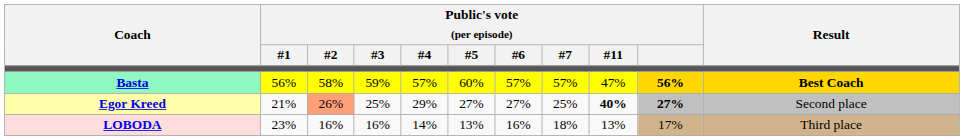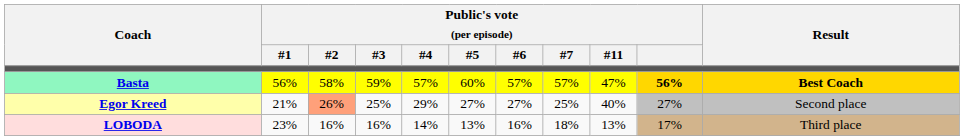 <table class="wikitable sortable" style="text-align:center; width:90%;">
 <tr>
 <th rowspan=2 style="width:10%;">Coach</th>
 <th colspan=9 style="width:10%;">Public's vote<br><sub>(per episode)</sub></th>
 <th rowspan=2 style="width:10%;">Result</th>
 </tr>
 <tr>
 <th style="width:1%;">#1</th>
 <th style="width:1%;">#2</th>
 <th style="width:1%;">#3</th>
 <th style="width:1%;">#4</th>
 <th style="width:1%;">#5</th>
 <th style="width:1%;">#6</th>
 <th style="width:1%;">#7</th>
 <th style="width:1%;">#11</th>
 <th style="width:2%;"></th>
 </tr>
 <tr>
 <td colspan="16" style="background:#555;"></td>
 </tr>
 <tr>
 <th style="background:#8ff7c0;"><a href='#'>Basta</a></th>
 <td style="background:yellow;">56%</td>
 <td style="background:yellow;">58%</td>
 <td style="background:yellow;">59%</td>
 <td style="background:yellow;">57%</td>
 <td style="background:yellow;">60%</td>
 <td style="background:yellow;">57%</td>
 <td style="background:yellow;">57%</td>
 <td style="background:yellow;">47%</td>
 <td style="background:gold;"><strong>56%</strong></td>
 <td style="background:gold;"><strong>Best Coach</strong></td>
 </tr>
 <tr>
 <th style="background:#ffffaa;"><a href='#'>Egor Kreed</a></th>
 <td>21%</td>
 <td style="background: lightsalmon;">26%</td>
 <td>25%</td>
 <td>29%</td>
 <td>27%</td>
 <td>27%</td>
 <td>25%</td>
-<td><strong>40%</strong></td>
-<td style="background:silver;"><strong>27%</strong></td>
+<td>40%</td>
+<td style="background:silver;">27%</td>
 <td style="background:silver;">Second place</td>
 </tr>
 <tr>
 <th style="background:#ffdddd;"><a href='#'>LOBODA</a></th>
 <td>23%</td>
 <td>16%</td>
 <td>16%</td>
 <td>14%</td>
 <td>13%</td>
 <td>16%</td>
 <td>18%</td>
 <td>13%</td>
 <td style="background:tan;">17%</td>
 <td style="background:tan;">Third place</td>
 </tr>
 </table>
